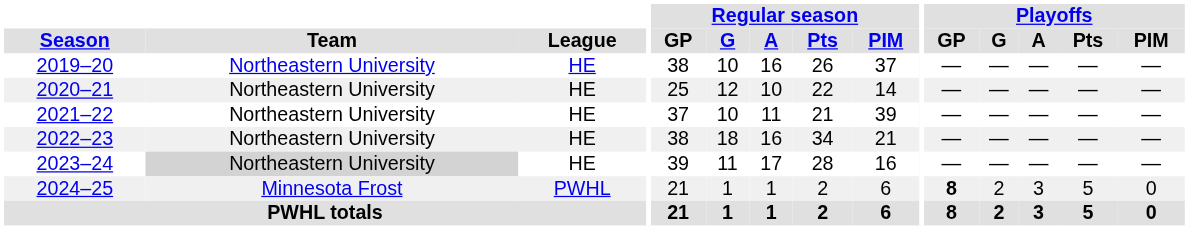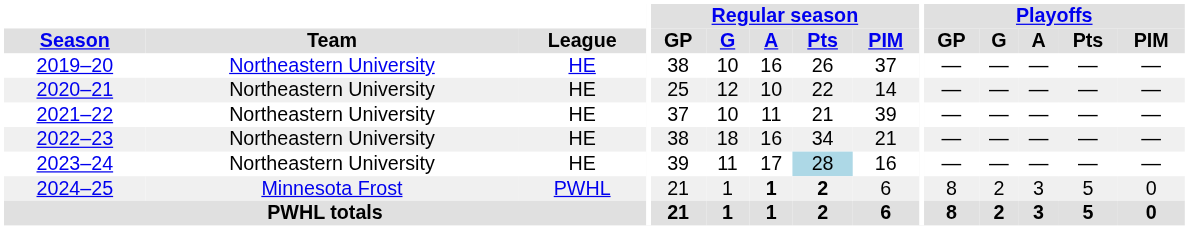 <table border="0" cellpadding="1" cellspacing="0" style="text-align:center; width:60em">
 <tr bgcolor="#e0e0e0">
 <th colspan="3" bgcolor="#ffffff"></th>
 <th rowspan="97" bgcolor="#ffffff"></th>
 <th colspan="5"><a href='#'>Regular season</a></th>
 <th rowspan="97" bgcolor="#ffffff"></th>
 <th colspan="5"><a href='#'>Playoffs</a></th>
 </tr>
 <tr bgcolor="#e0e0e0">
 <th><a href='#'>Season</a></th>
 <th>Team</th>
 <th>League</th>
 <th>GP</th>
 <th><a href='#'>G</a></th>
 <th><a href='#'>A</a></th>
 <th><a href='#'>Pts</a></th>
 <th><a href='#'>PIM</a></th>
 <th>GP</th>
 <th>G</th>
 <th>A</th>
 <th>Pts</th>
 <th>PIM</th>
 </tr>
 <tr>
 <td><a href='#'>2019–20</a></td>
 <td><a href='#'>Northeastern University</a></td>
 <td><a href='#'>HE</a></td>
 <td>38</td>
 <td>10</td>
 <td>16</td>
 <td>26</td>
 <td>37</td>
 <td>—</td>
 <td>—</td>
 <td>—</td>
 <td>—</td>
 <td>—</td>
 </tr>
 <tr bgcolor="#f0f0f0">
 <td><a href='#'>2020–21</a></td>
 <td>Northeastern University</td>
 <td>HE</td>
 <td>25</td>
 <td>12</td>
 <td>10</td>
 <td>22</td>
 <td>14</td>
 <td>—</td>
 <td>—</td>
 <td>—</td>
 <td>—</td>
 <td>—</td>
 </tr>
 <tr>
 <td><a href='#'>2021–22</a></td>
 <td>Northeastern University</td>
 <td>HE</td>
 <td>37</td>
 <td>10</td>
 <td>11</td>
 <td>21</td>
 <td>39</td>
 <td>—</td>
 <td>—</td>
 <td>—</td>
 <td>—</td>
 <td>—</td>
 </tr>
 <tr bgcolor="#f0f0f0">
 <td><a href='#'>2022–23</a></td>
 <td>Northeastern University</td>
 <td>HE</td>
 <td>38</td>
 <td>18</td>
 <td>16</td>
 <td>34</td>
 <td>21</td>
 <td>—</td>
 <td>—</td>
 <td>—</td>
 <td>—</td>
 <td>—</td>
 </tr>
 <tr>
 <td><a href='#'>2023–24</a></td>
-<td style="background: lightgrey;">Northeastern University</td>
+<td>Northeastern University</td>
 <td>HE</td>
 <td>39</td>
 <td>11</td>
 <td>17</td>
-<td>28</td>
+<td style="background: lightblue;">28</td>
 <td>16</td>
 <td>—</td>
 <td>—</td>
 <td>—</td>
 <td>—</td>
 <td>—</td>
 </tr>
 <tr bgcolor="#f0f0f0">
 <td><a href='#'>2024–25</a></td>
 <td><a href='#'>Minnesota Frost</a></td>
 <td><a href='#'>PWHL</a></td>
 <td>21</td>
 <td>1</td>
-<td>1</td>
-<td>2</td>
+<td><strong>1</strong></td>
+<td><strong>2</strong></td>
 <td>6</td>
-<td><strong>8</strong></td>
+<td>8</td>
 <td>2</td>
 <td>3</td>
 <td>5</td>
 <td>0</td>
 </tr>
 <tr bgcolor="#e0e0e0">
 <th colspan="3">PWHL totals</th>
 <th>21</th>
 <th>1</th>
 <th>1</th>
 <th>2</th>
 <th>6</th>
 <th>8</th>
 <th>2</th>
 <th>3</th>
 <th>5</th>
 <th>0</th>
 </tr>
 </table>
